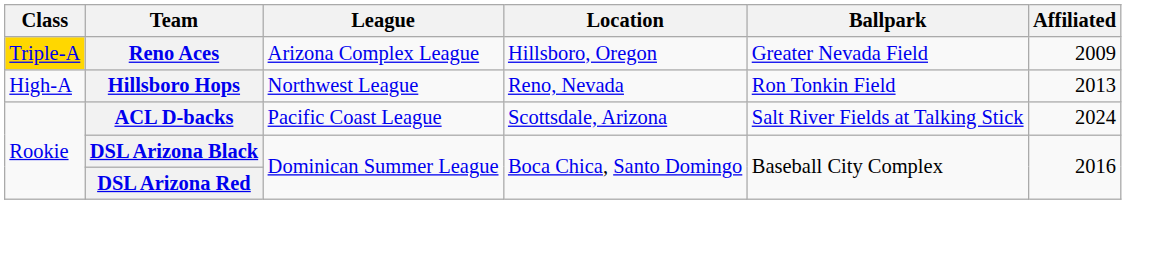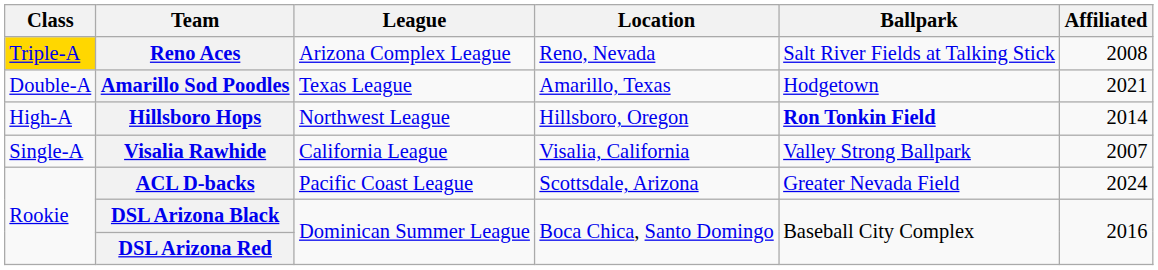 <table class="wikitable plainrowheaders sortable">
 <tr>
 <th scope="col">Class</th>
 <th scope="col">Team</th>
 <th scope="col">League</th>
 <th scope="col">Location</th>
 <th scope="col">Ballpark</th>
 <th scope="col">Affiliated</th>
 </tr>
 <tr>
 <td style="background: gold;"><a href='#'>Triple-A</a></td>
 <th scope="row"><a href='#'>Reno Aces</a></th>
 <td><a href='#'>Arizona Complex League</a></td>
-<td><a href='#'>Hillsboro, Oregon</a></td>
-<td><a href='#'>Greater Nevada Field</a></td>
-<td align="right">2009</td>
+<td><a href='#'>Reno, Nevada</a></td>
+<td><a href='#'>Salt River Fields at Talking Stick</a></td>
+<td align="right">2008</td>
+</tr>
+<tr>
+<td><a href='#'>Double-A</a></td>
+<th scope="row"><a href='#'>Amarillo Sod Poodles</a></th>
+<td><a href='#'>Texas League</a></td>
+<td><a href='#'>Amarillo, Texas</a></td>
+<td><a href='#'>Hodgetown</a></td>
+<td align="right">2021</td>
 </tr>
 <tr>
 <td><a href='#'>High-A</a></td>
 <th scope="row"><a href='#'>Hillsboro Hops</a></th>
 <td><a href='#'>Northwest League</a></td>
-<td><a href='#'>Reno, Nevada</a></td>
-<td><a href='#'>Ron Tonkin Field</a></td>
-<td align="right">2013</td>
+<td><a href='#'>Hillsboro, Oregon</a></td>
+<td><strong><a href='#'>Ron Tonkin Field</a></strong></td>
+<td align="right">2014</td>
+</tr>
+<tr>
+<td><a href='#'>Single-A</a></td>
+<th scope="row"><a href='#'>Visalia Rawhide</a></th>
+<td><a href='#'>California League</a></td>
+<td><a href='#'>Visalia, California</a></td>
+<td><a href='#'>Valley Strong Ballpark</a></td>
+<td align="right">2007</td>
 </tr>
 <tr>
 <td rowspan=3><a href='#'>Rookie</a></td>
 <th scope="row"><a href='#'>ACL D-backs</a></th>
 <td><a href='#'>Pacific Coast League</a></td>
 <td><a href='#'>Scottsdale, Arizona</a></td>
-<td><a href='#'>Salt River Fields at Talking Stick</a></td>
+<td><a href='#'>Greater Nevada Field</a></td>
 <td align="right">2024</td>
 </tr>
 <tr>
 <th scope="row"><a href='#'>DSL Arizona Black</a></th>
 <td rowspan=2><a href='#'>Dominican Summer League</a></td>
 <td rowspan=2><a href='#'>Boca Chica</a>, <a href='#'>Santo Domingo</a></td>
 <td rowspan=2>Baseball City Complex</td>
 <td rowspan=2 align="right">2016</td>
 </tr>
 <tr>
 <th scope="row"><a href='#'>DSL Arizona Red</a></th>
 </tr>
 </table>
